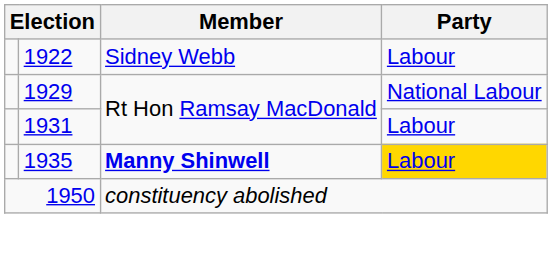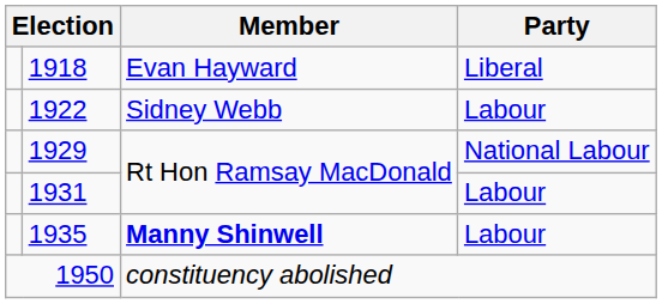 <table class="wikitable">
 <tr>
 <th colspan="2">Election</th>
 <th>Member</th>
 <th>Party</th>
+</tr>
+<tr>
+<td style="color:inherit;background-color: "></td>
+<td><a href='#'>1918</a></td>
+<td><a href='#'>Evan Hayward</a></td>
+<td><a href='#'>Liberal</a></td>
 </tr>
 <tr>
 <td style="color:inherit;background-color: "></td>
 <td><a href='#'>1922</a></td>
 <td><a href='#'>Sidney Webb</a></td>
 <td><a href='#'>Labour</a></td>
 </tr>
 <tr>
 <td style="color:inherit;background-color: "></td>
 <td><a href='#'>1929</a></td>
 <td rowspan="2">Rt Hon <a href='#'>Ramsay MacDonald</a></td>
 <td><a href='#'>National Labour</a></td>
 </tr>
 <tr>
 <td style="color:inherit;background-color: "></td>
 <td><a href='#'>1931</a></td>
 <td><a href='#'>Labour</a></td>
 </tr>
 <tr>
 <td style="color:inherit;background-color: "></td>
 <td><a href='#'>1935</a></td>
 <td><strong><a href='#'>Manny Shinwell</a></strong></td>
-<td style="background: gold;"><a href='#'>Labour</a></td>
+<td><a href='#'>Labour</a></td>
 </tr>
 <tr>
 <td colspan="2" align="right"><a href='#'>1950</a></td>
 <td colspan="2"><em>constituency abolished</em></td>
 </tr>
 </table>
